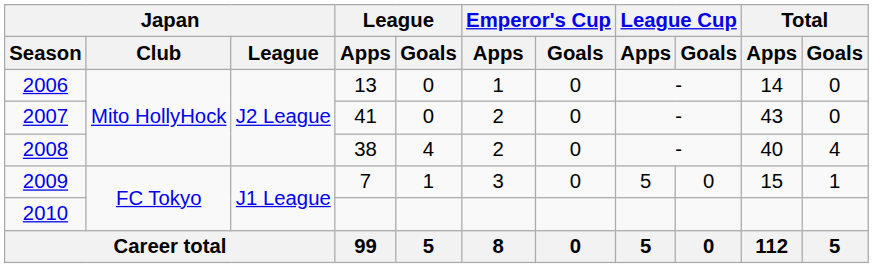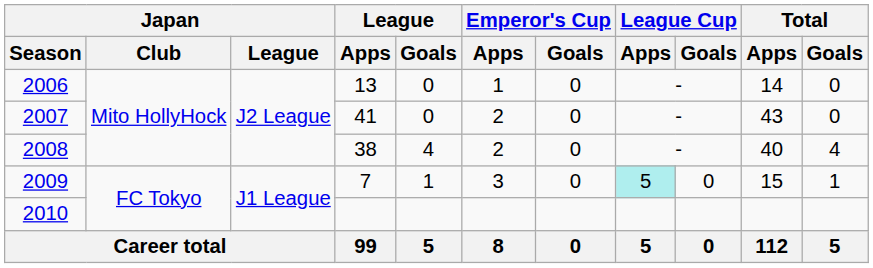 <table class="wikitable" style="text-align:center">
 <tr>
 <th colspan=3>Japan</th>
 <th colspan=2>League</th>
 <th colspan=2><a href='#'>Emperor's Cup</a></th>
 <th colspan=2><a href='#'>League Cup</a></th>
 <th colspan=2>Total</th>
 </tr>
 <tr>
 <th>Season</th>
 <th>Club</th>
 <th>League</th>
 <th>Apps</th>
 <th>Goals</th>
 <th>Apps</th>
 <th>Goals</th>
 <th>Apps</th>
 <th>Goals</th>
 <th>Apps</th>
 <th>Goals</th>
 </tr>
 <tr>
 <td><a href='#'>2006</a></td>
 <td rowspan="3"><a href='#'>Mito HollyHock</a></td>
 <td rowspan="3"><a href='#'>J2 League</a></td>
 <td>13</td>
 <td>0</td>
 <td>1</td>
 <td>0</td>
 <td colspan="2">-</td>
 <td>14</td>
 <td>0</td>
 </tr>
 <tr>
 <td><a href='#'>2007</a></td>
 <td>41</td>
 <td>0</td>
 <td>2</td>
 <td>0</td>
 <td colspan="2">-</td>
 <td>43</td>
 <td>0</td>
 </tr>
 <tr>
 <td><a href='#'>2008</a></td>
 <td>38</td>
 <td>4</td>
 <td>2</td>
 <td>0</td>
 <td colspan="2">-</td>
 <td>40</td>
 <td>4</td>
 </tr>
 <tr>
 <td><a href='#'>2009</a></td>
 <td rowspan="2"><a href='#'>FC Tokyo</a></td>
 <td rowspan="2"><a href='#'>J1 League</a></td>
 <td>7</td>
 <td>1</td>
 <td>3</td>
 <td>0</td>
-<td>5</td>
+<td style="background: paleturquoise;">5</td>
 <td>0</td>
 <td>15</td>
 <td>1</td>
 </tr>
 <tr>
 <td><a href='#'>2010</a></td>
 <td></td>
 <td></td>
 <td></td>
 <td></td>
 <td></td>
 <td></td>
 <td></td>
 <td></td>
 </tr>
 <tr>
 <th colspan=3>Career total</th>
 <th>99</th>
 <th>5</th>
 <th>8</th>
 <th>0</th>
 <th>5</th>
 <th>0</th>
 <th>112</th>
 <th>5</th>
 </tr>
 </table>
